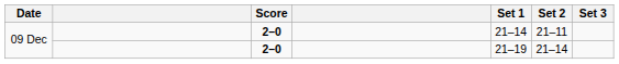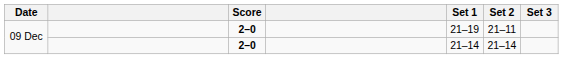 <table class="wikitable" style="text-align: center;">
 <tr>
 <th width="60">Date</th>
 <th align="right" width="270"></th>
 <th width="50">Score</th>
 <th align="left" width="270"></th>
 <th width="50">Set 1</th>
 <th width="50">Set 2</th>
 <th width="50">Set 3</th>
 </tr>
 <tr>
 <td rowspan=2>09 Dec</td>
 <td align=left><strong></strong></td>
 <td align=center><strong>2–0</strong></td>
 <td align=left></td>
-<td>21–14</td>
+<td>21–19</td>
 <td>21–11</td>
 <td></td>
 </tr>
 <tr>
 <td align=left><strong></strong></td>
 <td align=center><strong>2–0</strong></td>
 <td align=left></td>
-<td>21–19</td>
+<td>21–14</td>
 <td>21–14</td>
 <td></td>
 </tr>
 </table>
